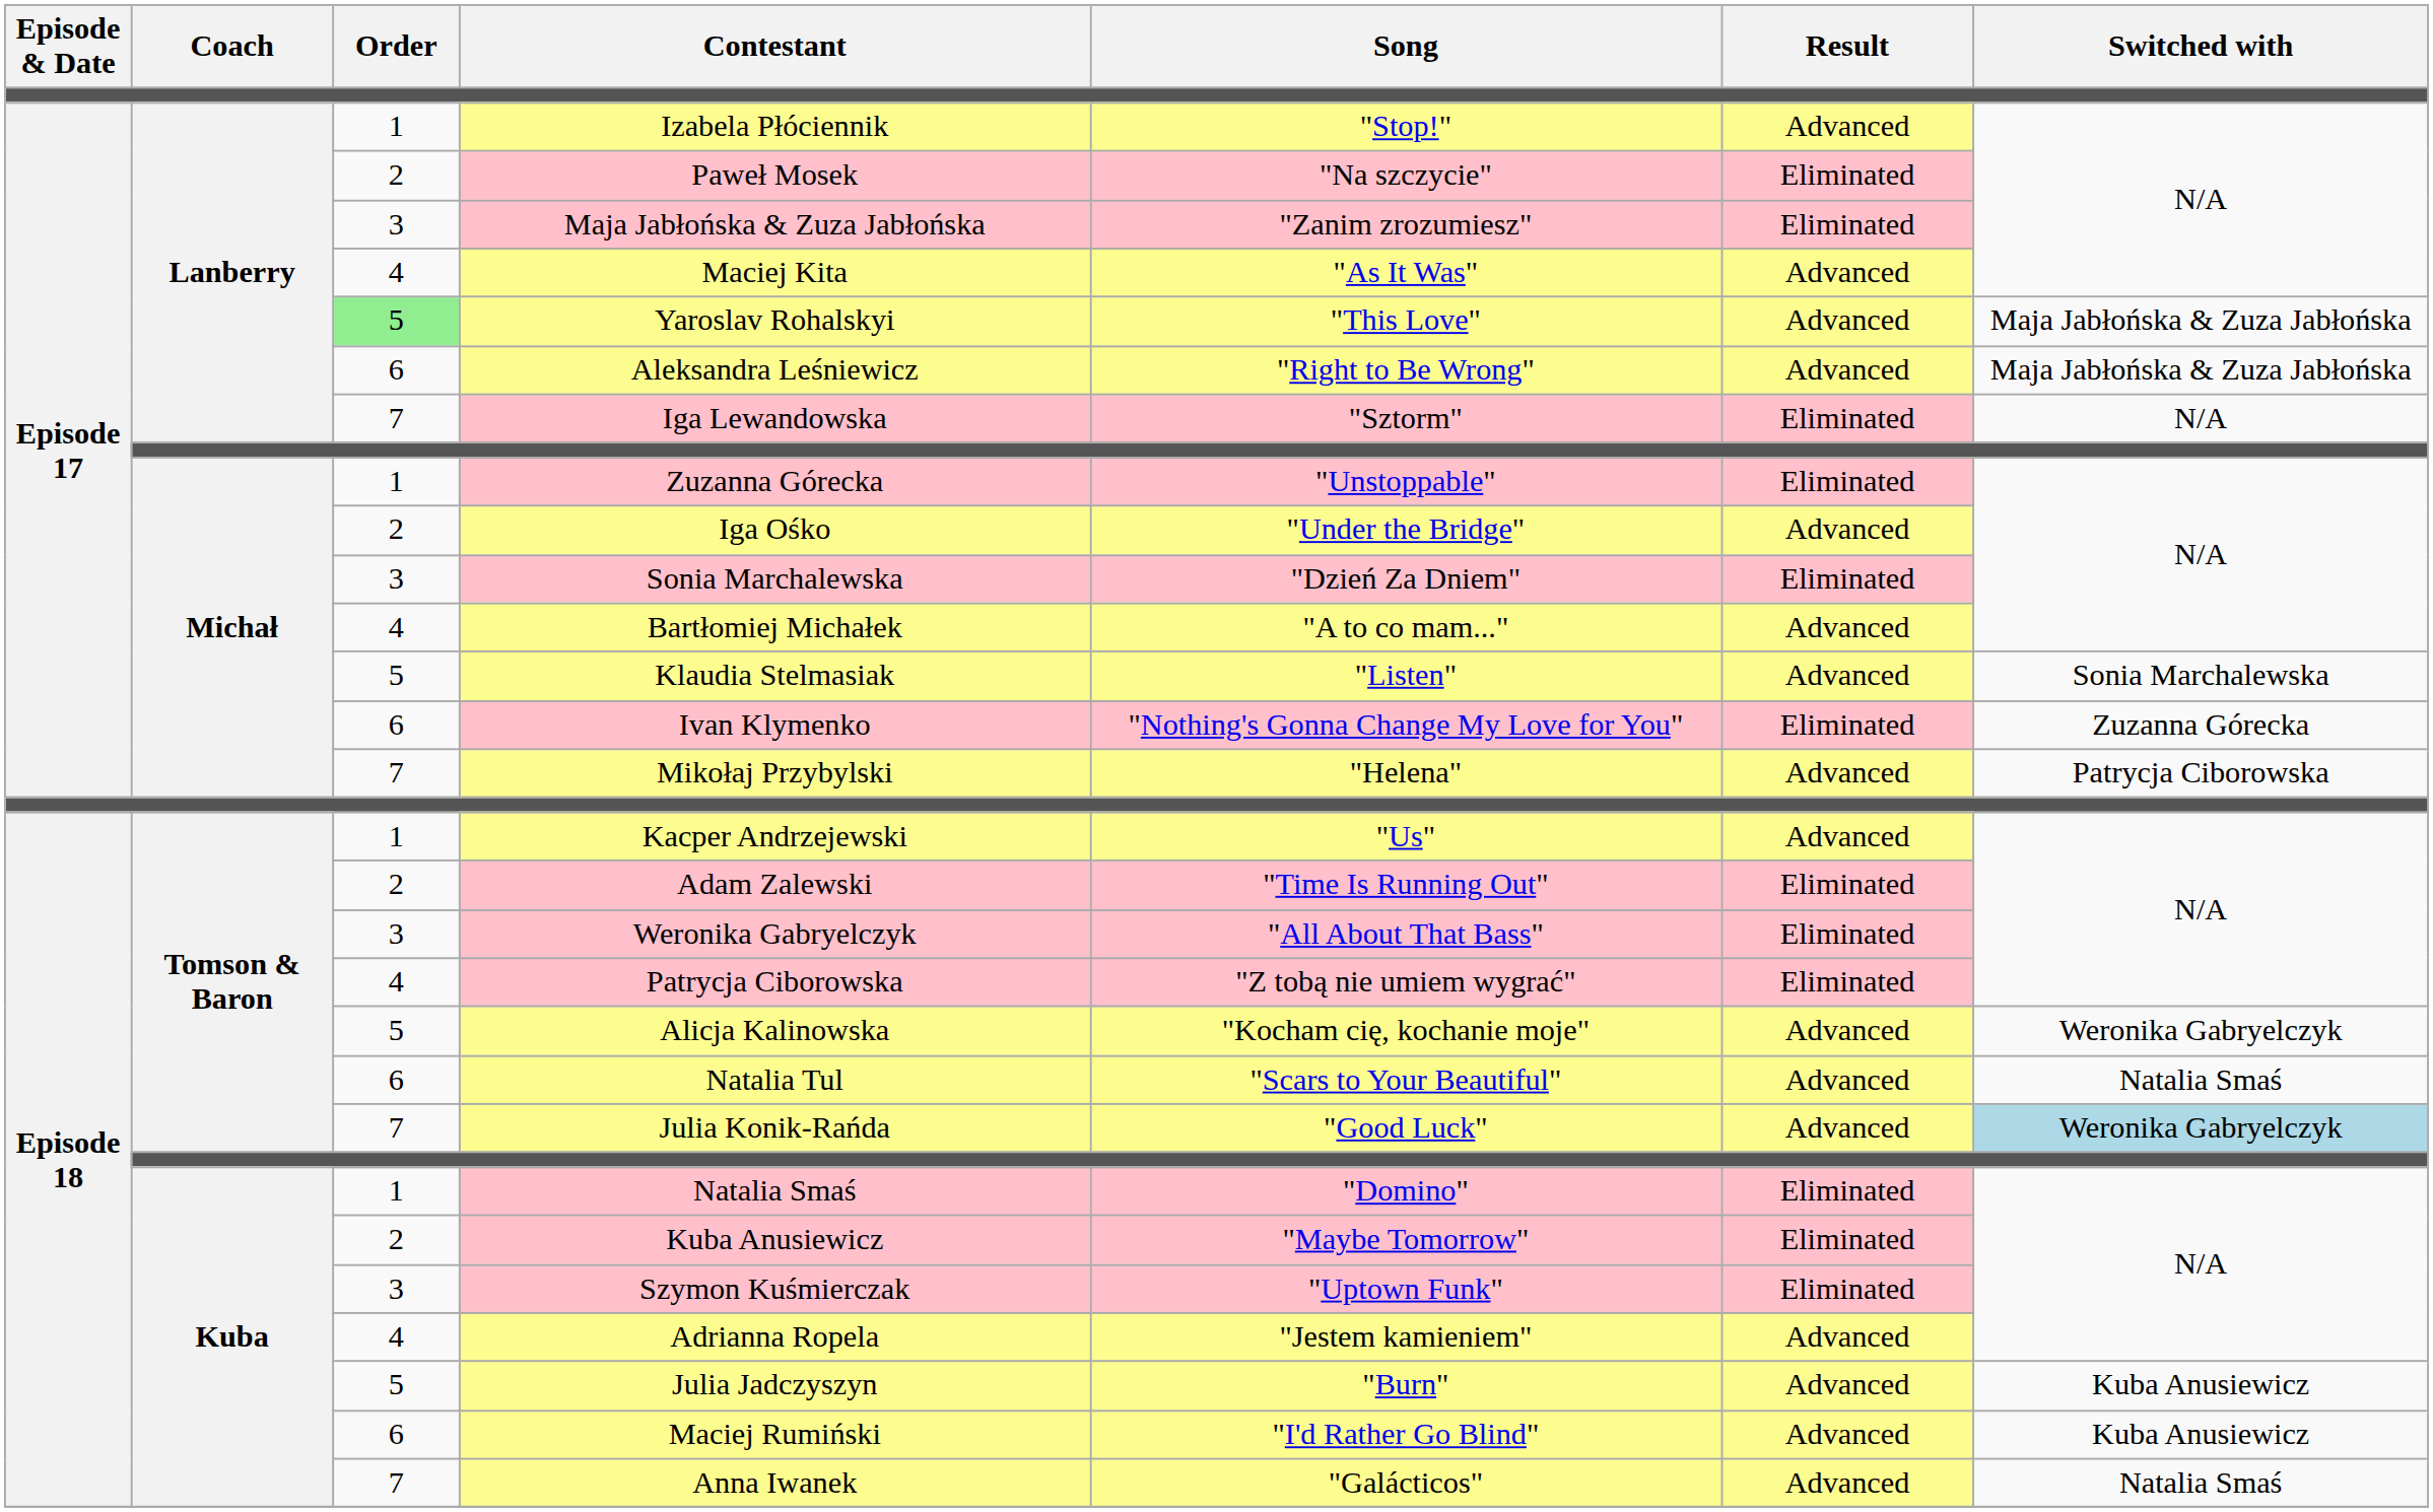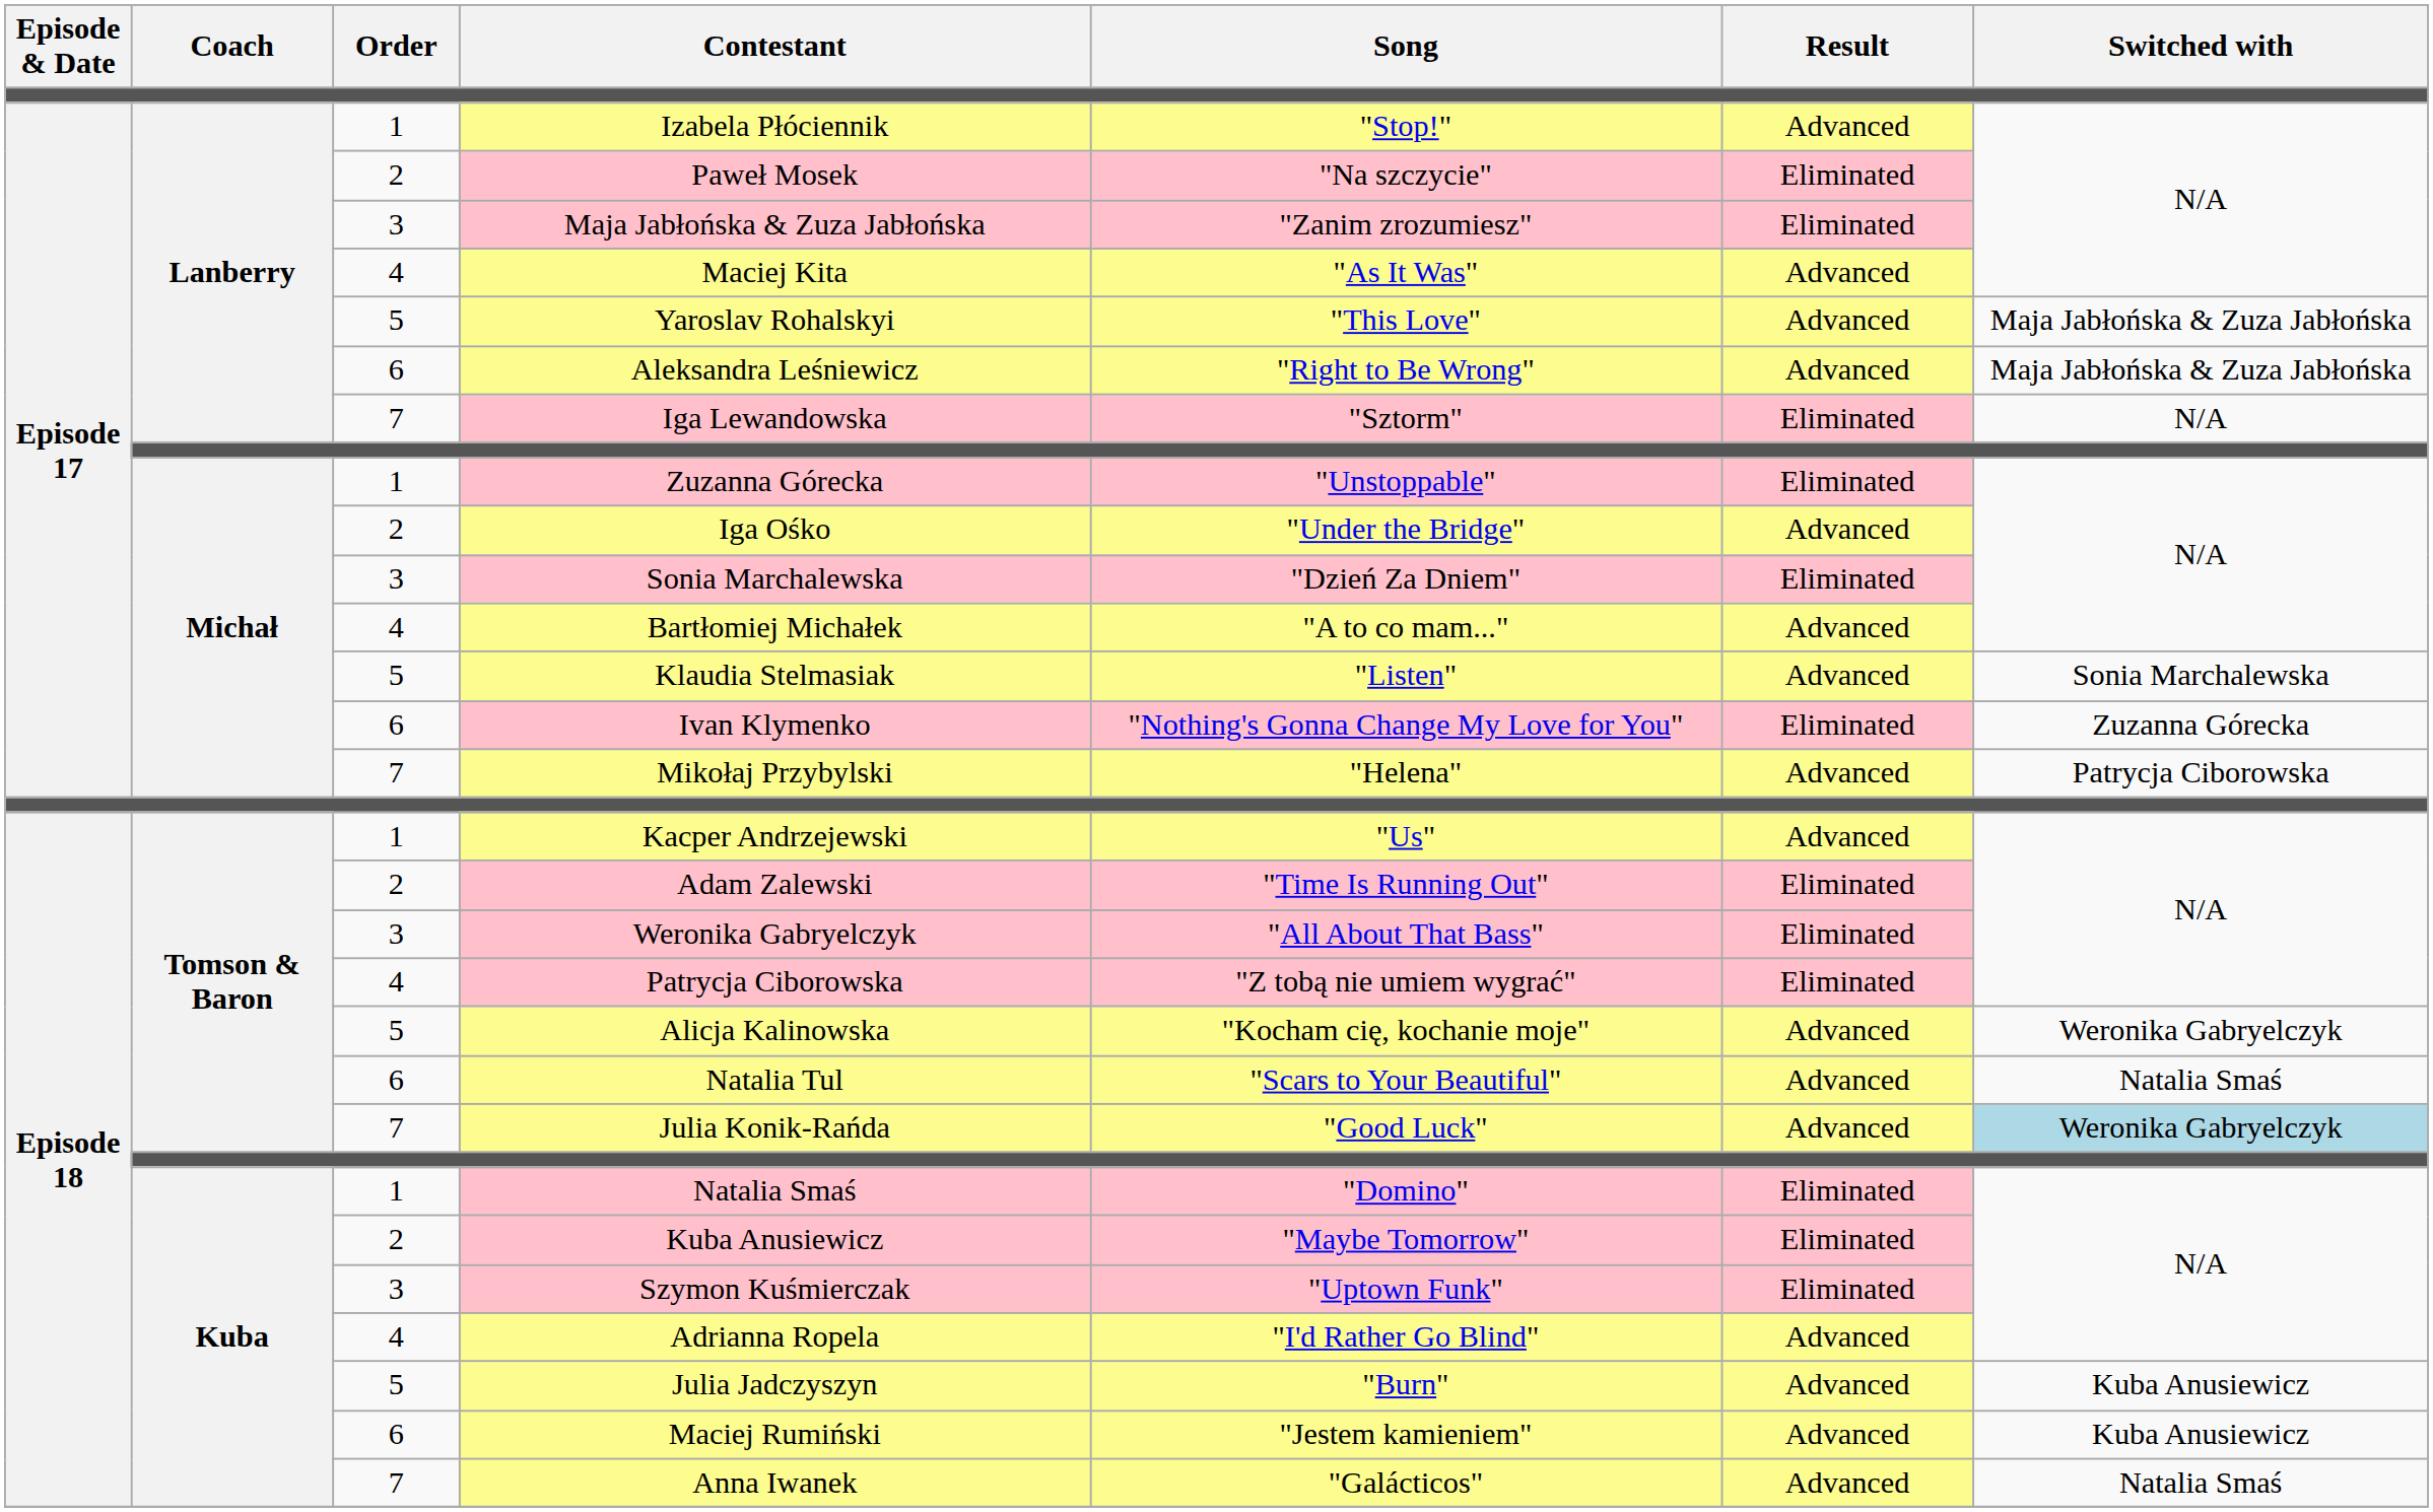 <table class="wikitable" style="text-align: center; width:100%">
 <tr>
 <th style="width:05%">Episode & Date</th>
 <th style="width:08%">Coach</th>
 <th style="width:05%">Order</th>
 <th style="width:25%">Contestant</th>
 <th style="width:25%">Song</th>
 <th style="width:10%">Result</th>
 <th style="width:18%">Switched with</th>
 </tr>
 <tr>
 <td colspan="10" style="background:#555"></td>
 </tr>
 <tr>
 <th rowspan="16">Episode 17 <br></th>
 <th rowspan="7">Lanberry</th>
 <td>1</td>
 <td style="background:#fdfc8f">Izabela Płóciennik</td>
 <td style="background:#fdfc8f">"<a href='#'>Stop!</a>"</td>
 <td style="background:#fdfc8f">Advanced</td>
 <td rowspan="4">N/A</td>
 </tr>
 <tr>
 <td>2</td>
 <td style="background:pink">Paweł Mosek</td>
 <td style="background:pink">"Na szczycie" </td>
 <td style="background:pink">Eliminated</td>
 </tr>
 <tr>
 <td>3</td>
 <td style="background:pink">Maja Jabłońska & Zuza Jabłońska</td>
 <td style="background:pink">"Zanim zrozumiesz" </td>
 <td style="background:pink">Eliminated</td>
 </tr>
 <tr>
 <td>4</td>
 <td style="background:#fdfc8f">Maciej Kita</td>
 <td style="background:#fdfc8f">"<a href='#'>As It Was</a>"</td>
 <td style="background:#fdfc8f">Advanced</td>
 </tr>
 <tr>
-<td style="background: lightgreen;">5</td>
+<td>5</td>
 <td style="background:#fdfc8f">Yaroslav Rohalskyi</td>
 <td style="background:#fdfc8f">"<a href='#'>This Love</a>"</td>
 <td style="background:#fdfc8f">Advanced</td>
 <td>Maja Jabłońska & Zuza Jabłońska</td>
 </tr>
 <tr>
 <td>6</td>
 <td style="background:#fdfc8f">Aleksandra Leśniewicz</td>
 <td style="background:#fdfc8f">"<a href='#'>Right to Be Wrong</a>"</td>
 <td style="background:#fdfc8f">Advanced</td>
 <td>Maja Jabłońska & Zuza Jabłońska</td>
 </tr>
 <tr>
 <td>7</td>
 <td style="background:pink">Iga Lewandowska</td>
 <td style="background:pink">"Sztorm" </td>
 <td style="background:pink">Eliminated</td>
 <td>N/A</td>
 </tr>
 <tr>
 <td colspan="9" style="background:#555"></td>
 </tr>
 <tr>
 <th rowspan="8">Michał</th>
 </tr>
 <tr>
 <td>1</td>
 <td style="background:pink">Zuzanna Górecka</td>
 <td style="background:pink">"<a href='#'>Unstoppable</a>"</td>
 <td style="background:pink">Eliminated</td>
 <td rowspan="4">N/A</td>
 </tr>
 <tr>
 <td>2</td>
 <td style="background:#fdfc8f">Iga Ośko</td>
 <td style="background:#fdfc8f">"<a href='#'>Under the Bridge</a>"</td>
 <td style="background:#fdfc8f">Advanced</td>
 </tr>
 <tr>
 <td>3</td>
 <td style="background:pink">Sonia Marchalewska</td>
 <td style="background:pink">"Dzień Za Dniem" </td>
 <td style="background:pink">Eliminated</td>
 </tr>
 <tr>
 <td>4</td>
 <td style="background:#fdfc8f">Bartłomiej Michałek</td>
 <td style="background:#fdfc8f">"A to co mam..." </td>
 <td style="background:#fdfc8f">Advanced</td>
 </tr>
 <tr>
 <td>5</td>
 <td style="background:#fdfc8f">Klaudia Stelmasiak</td>
 <td style="background:#fdfc8f">"<a href='#'>Listen</a>"</td>
 <td style="background:#fdfc8f">Advanced</td>
 <td>Sonia Marchalewska</td>
 </tr>
 <tr>
 <td>6</td>
 <td style="background:pink">Ivan Klymenko</td>
 <td style="background:pink">"<a href='#'>Nothing's Gonna Change My Love for You</a>"</td>
 <td style="background:pink">Eliminated</td>
 <td>Zuzanna Górecka</td>
 </tr>
 <tr>
 <td>7</td>
 <td style="background:#fdfc8f">Mikołaj Przybylski</td>
 <td style="background:#fdfc8f">"Helena" </td>
 <td style="background:#fdfc8f">Advanced</td>
 <td>Patrycja Ciborowska</td>
 </tr>
 <tr>
 <td colspan="10" style="background:#555"></td>
 </tr>
 <tr>
 <th rowspan="16">Episode 18 <br></th>
 <th rowspan="7">Tomson & Baron</th>
 <td>1</td>
 <td style="background:#fdfc8f">Kacper Andrzejewski</td>
 <td style="background:#fdfc8f">"<a href='#'>Us</a>"</td>
 <td style="background:#fdfc8f">Advanced</td>
 <td rowspan="4">N/A</td>
 </tr>
 <tr>
 <td>2</td>
 <td style="background:pink">Adam Zalewski</td>
 <td style="background:pink">"<a href='#'>Time Is Running Out</a>"</td>
 <td style="background:pink">Eliminated</td>
 </tr>
 <tr>
 <td>3</td>
 <td style="background:pink">Weronika Gabryelczyk</td>
 <td style="background:pink">"<a href='#'>All About That Bass</a>"</td>
 <td style="background:pink">Eliminated</td>
 </tr>
 <tr>
 <td>4</td>
 <td style="background:pink">Patrycja Ciborowska</td>
 <td style="background:pink">"Z tobą nie umiem wygrać" </td>
 <td style="background:pink">Eliminated</td>
 </tr>
 <tr>
 <td>5</td>
 <td style="background:#fdfc8f">Alicja Kalinowska</td>
 <td style="background:#fdfc8f">"Kocham cię, kochanie moje" </td>
 <td style="background:#fdfc8f">Advanced</td>
 <td>Weronika Gabryelczyk</td>
 </tr>
 <tr>
 <td>6</td>
 <td style="background:#fdfc8f">Natalia Tul</td>
 <td style="background:#fdfc8f">"<a href='#'>Scars to Your Beautiful</a>"</td>
 <td style="background:#fdfc8f">Advanced</td>
 <td>Natalia Smaś</td>
 </tr>
 <tr>
 <td>7</td>
 <td style="background:#fdfc8f">Julia Konik-Rańda</td>
 <td style="background:#fdfc8f">"<a href='#'>Good Luck</a>"</td>
 <td style="background:#fdfc8f">Advanced</td>
 <td style="background: lightblue;">Weronika Gabryelczyk</td>
 </tr>
 <tr>
 <td colspan="9" style="background:#555"></td>
 </tr>
 <tr>
 <th rowspan="8">Kuba</th>
 </tr>
 <tr>
 <td>1</td>
 <td style="background:pink">Natalia Smaś</td>
 <td style="background:pink">"<a href='#'>Domino</a>"</td>
 <td style="background:pink">Eliminated</td>
 <td rowspan="4">N/A</td>
 </tr>
 <tr>
 <td>2</td>
 <td style="background:pink">Kuba Anusiewicz</td>
 <td style="background:pink">"<a href='#'>Maybe Tomorrow</a>"</td>
 <td style="background:pink">Eliminated</td>
 </tr>
 <tr>
 <td>3</td>
 <td style="background:pink">Szymon Kuśmierczak</td>
 <td style="background:pink">"<a href='#'>Uptown Funk</a>"</td>
 <td style="background:pink">Eliminated</td>
 </tr>
 <tr>
 <td>4</td>
 <td style="background:#fdfc8f">Adrianna Ropela</td>
-<td style="background:#fdfc8f">"Jestem kamieniem" </td>
+<td style="background:#fdfc8f">"<a href='#'>I'd Rather Go Blind</a>"</td>
 <td style="background:#fdfc8f">Advanced</td>
 </tr>
 <tr>
 <td>5</td>
 <td style="background:#fdfc8f">Julia Jadczyszyn</td>
 <td style="background:#fdfc8f">"<a href='#'>Burn</a>"</td>
 <td style="background:#fdfc8f">Advanced</td>
 <td>Kuba Anusiewicz</td>
 </tr>
 <tr>
 <td>6</td>
 <td style="background:#fdfc8f">Maciej Rumiński</td>
-<td style="background:#fdfc8f">"<a href='#'>I'd Rather Go Blind</a>"</td>
+<td style="background:#fdfc8f">"Jestem kamieniem" </td>
 <td style="background:#fdfc8f">Advanced</td>
 <td>Kuba Anusiewicz</td>
 </tr>
 <tr>
 <td>7</td>
 <td style="background:#fdfc8f">Anna Iwanek</td>
 <td style="background:#fdfc8f">"Galácticos" </td>
 <td style="background:#fdfc8f">Advanced</td>
 <td>Natalia Smaś</td>
 </tr>
 <tr>
 </tr>
 </table>
